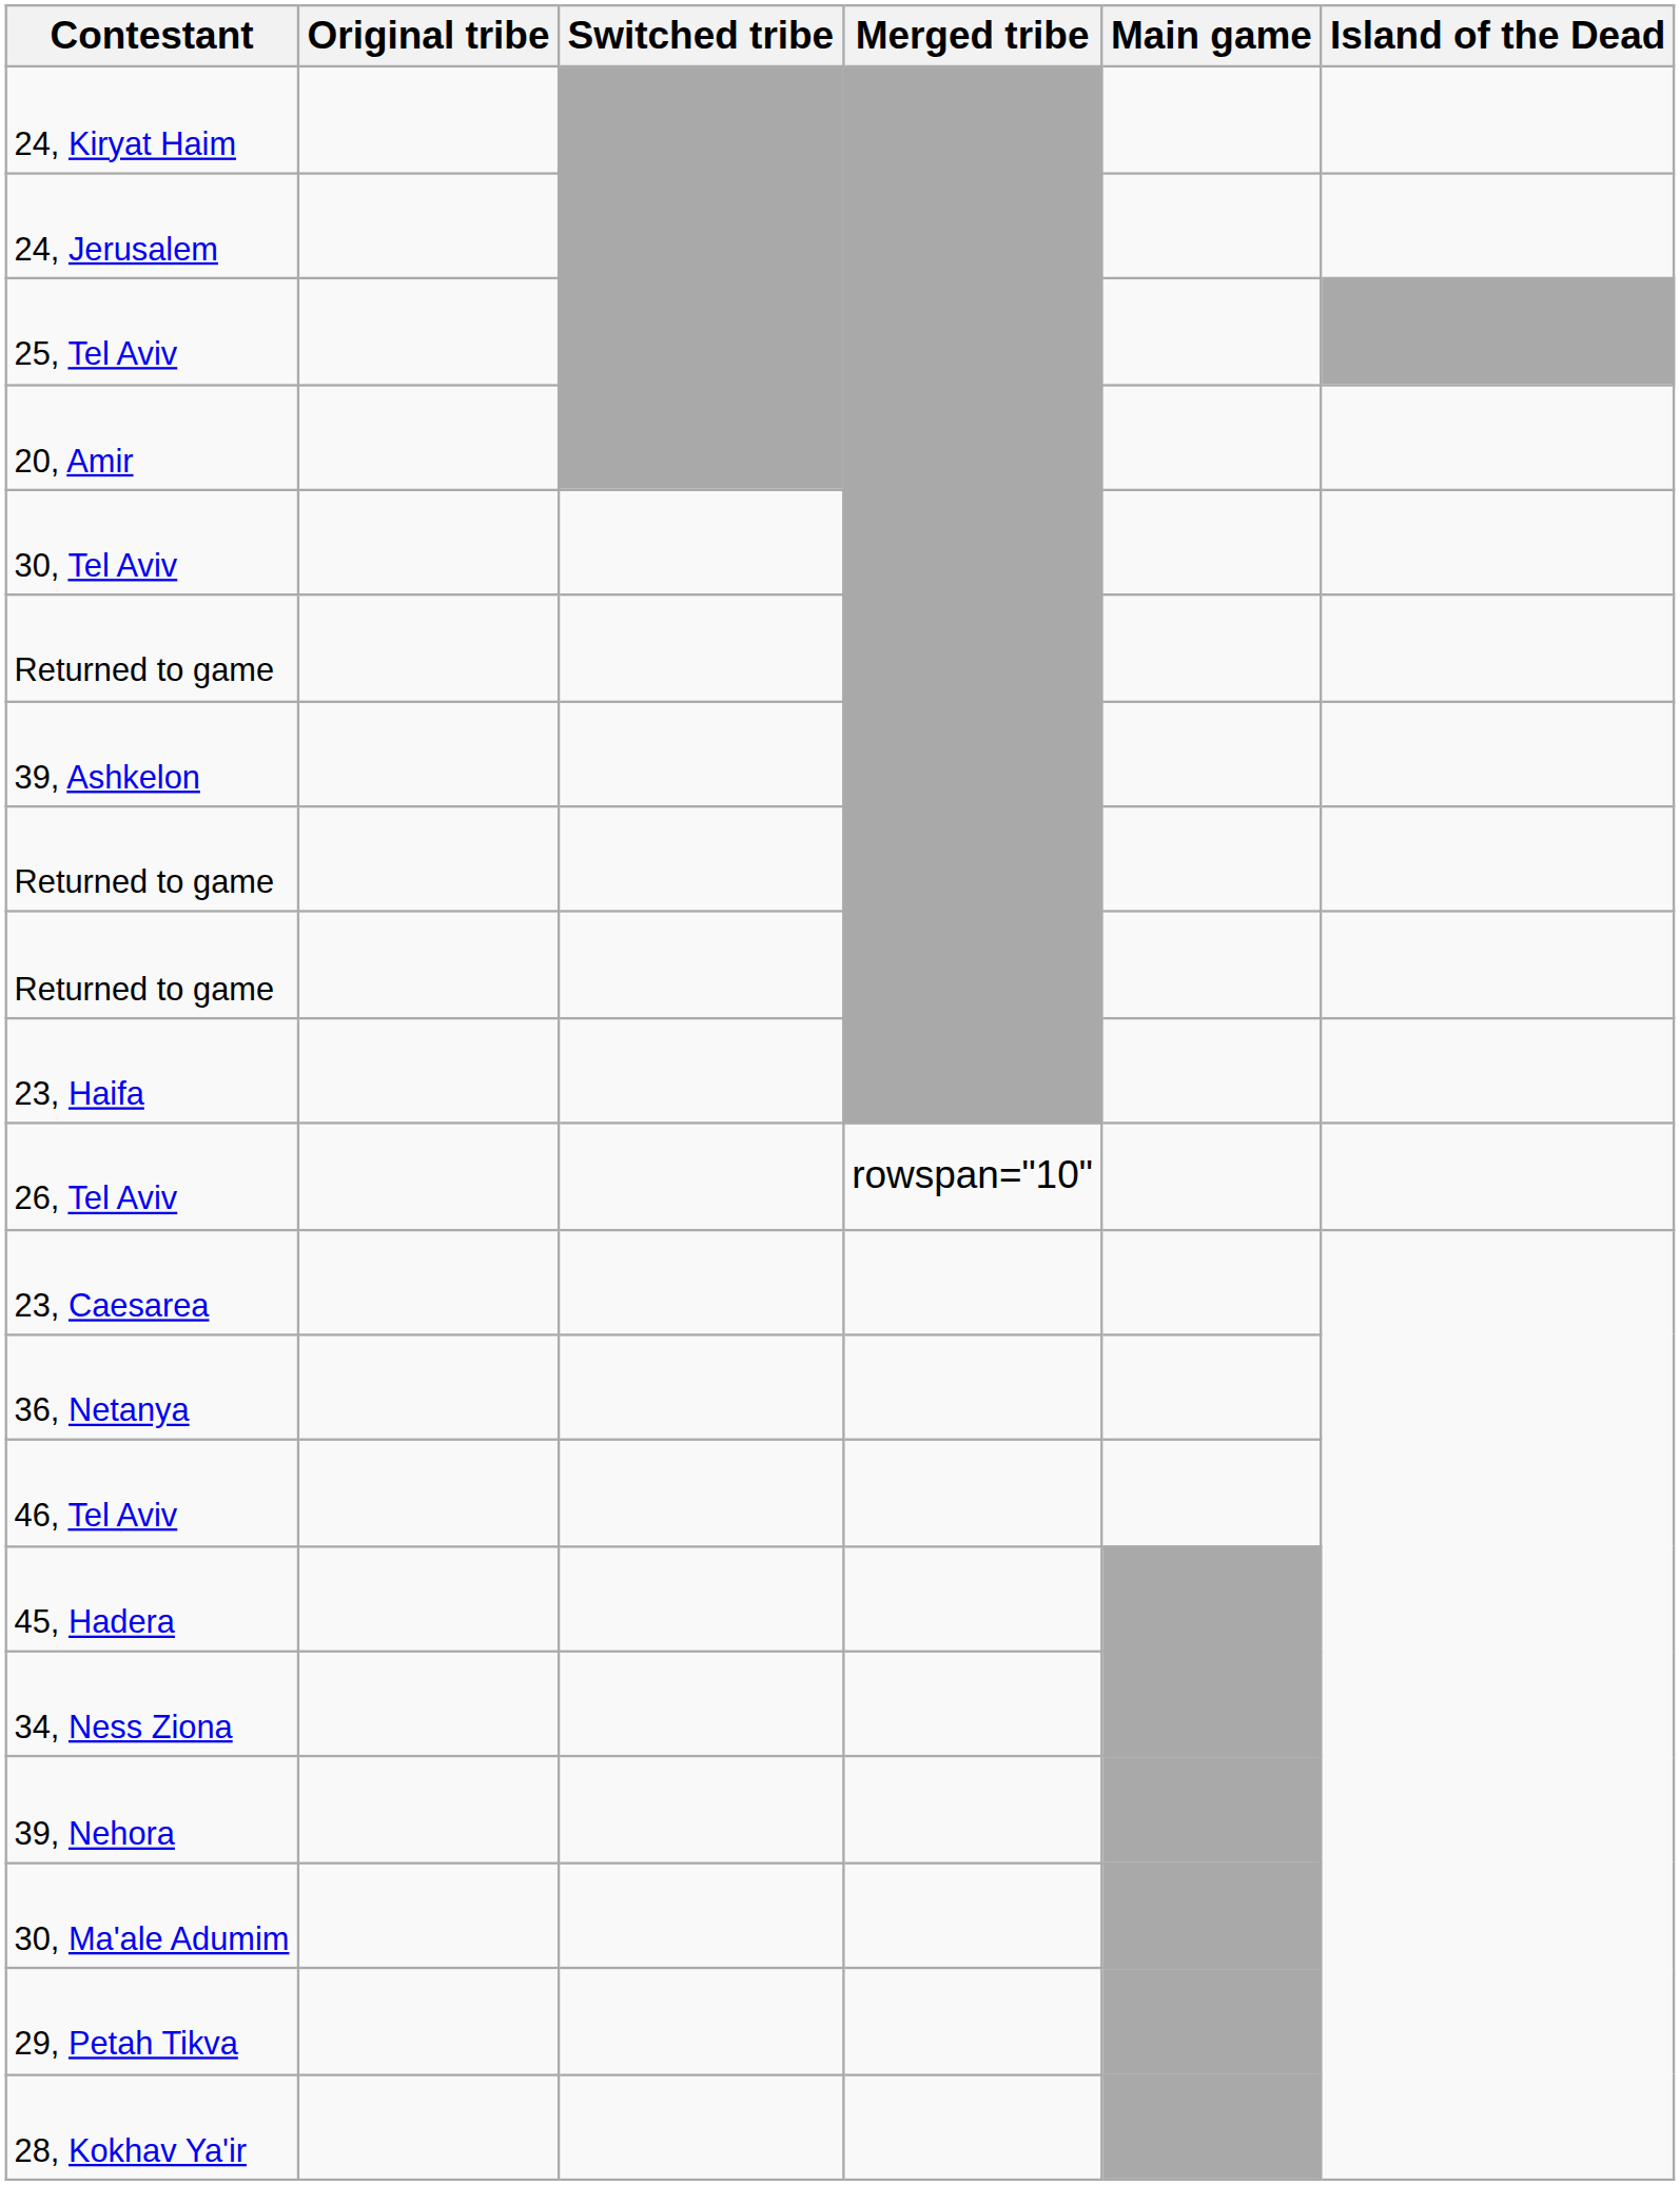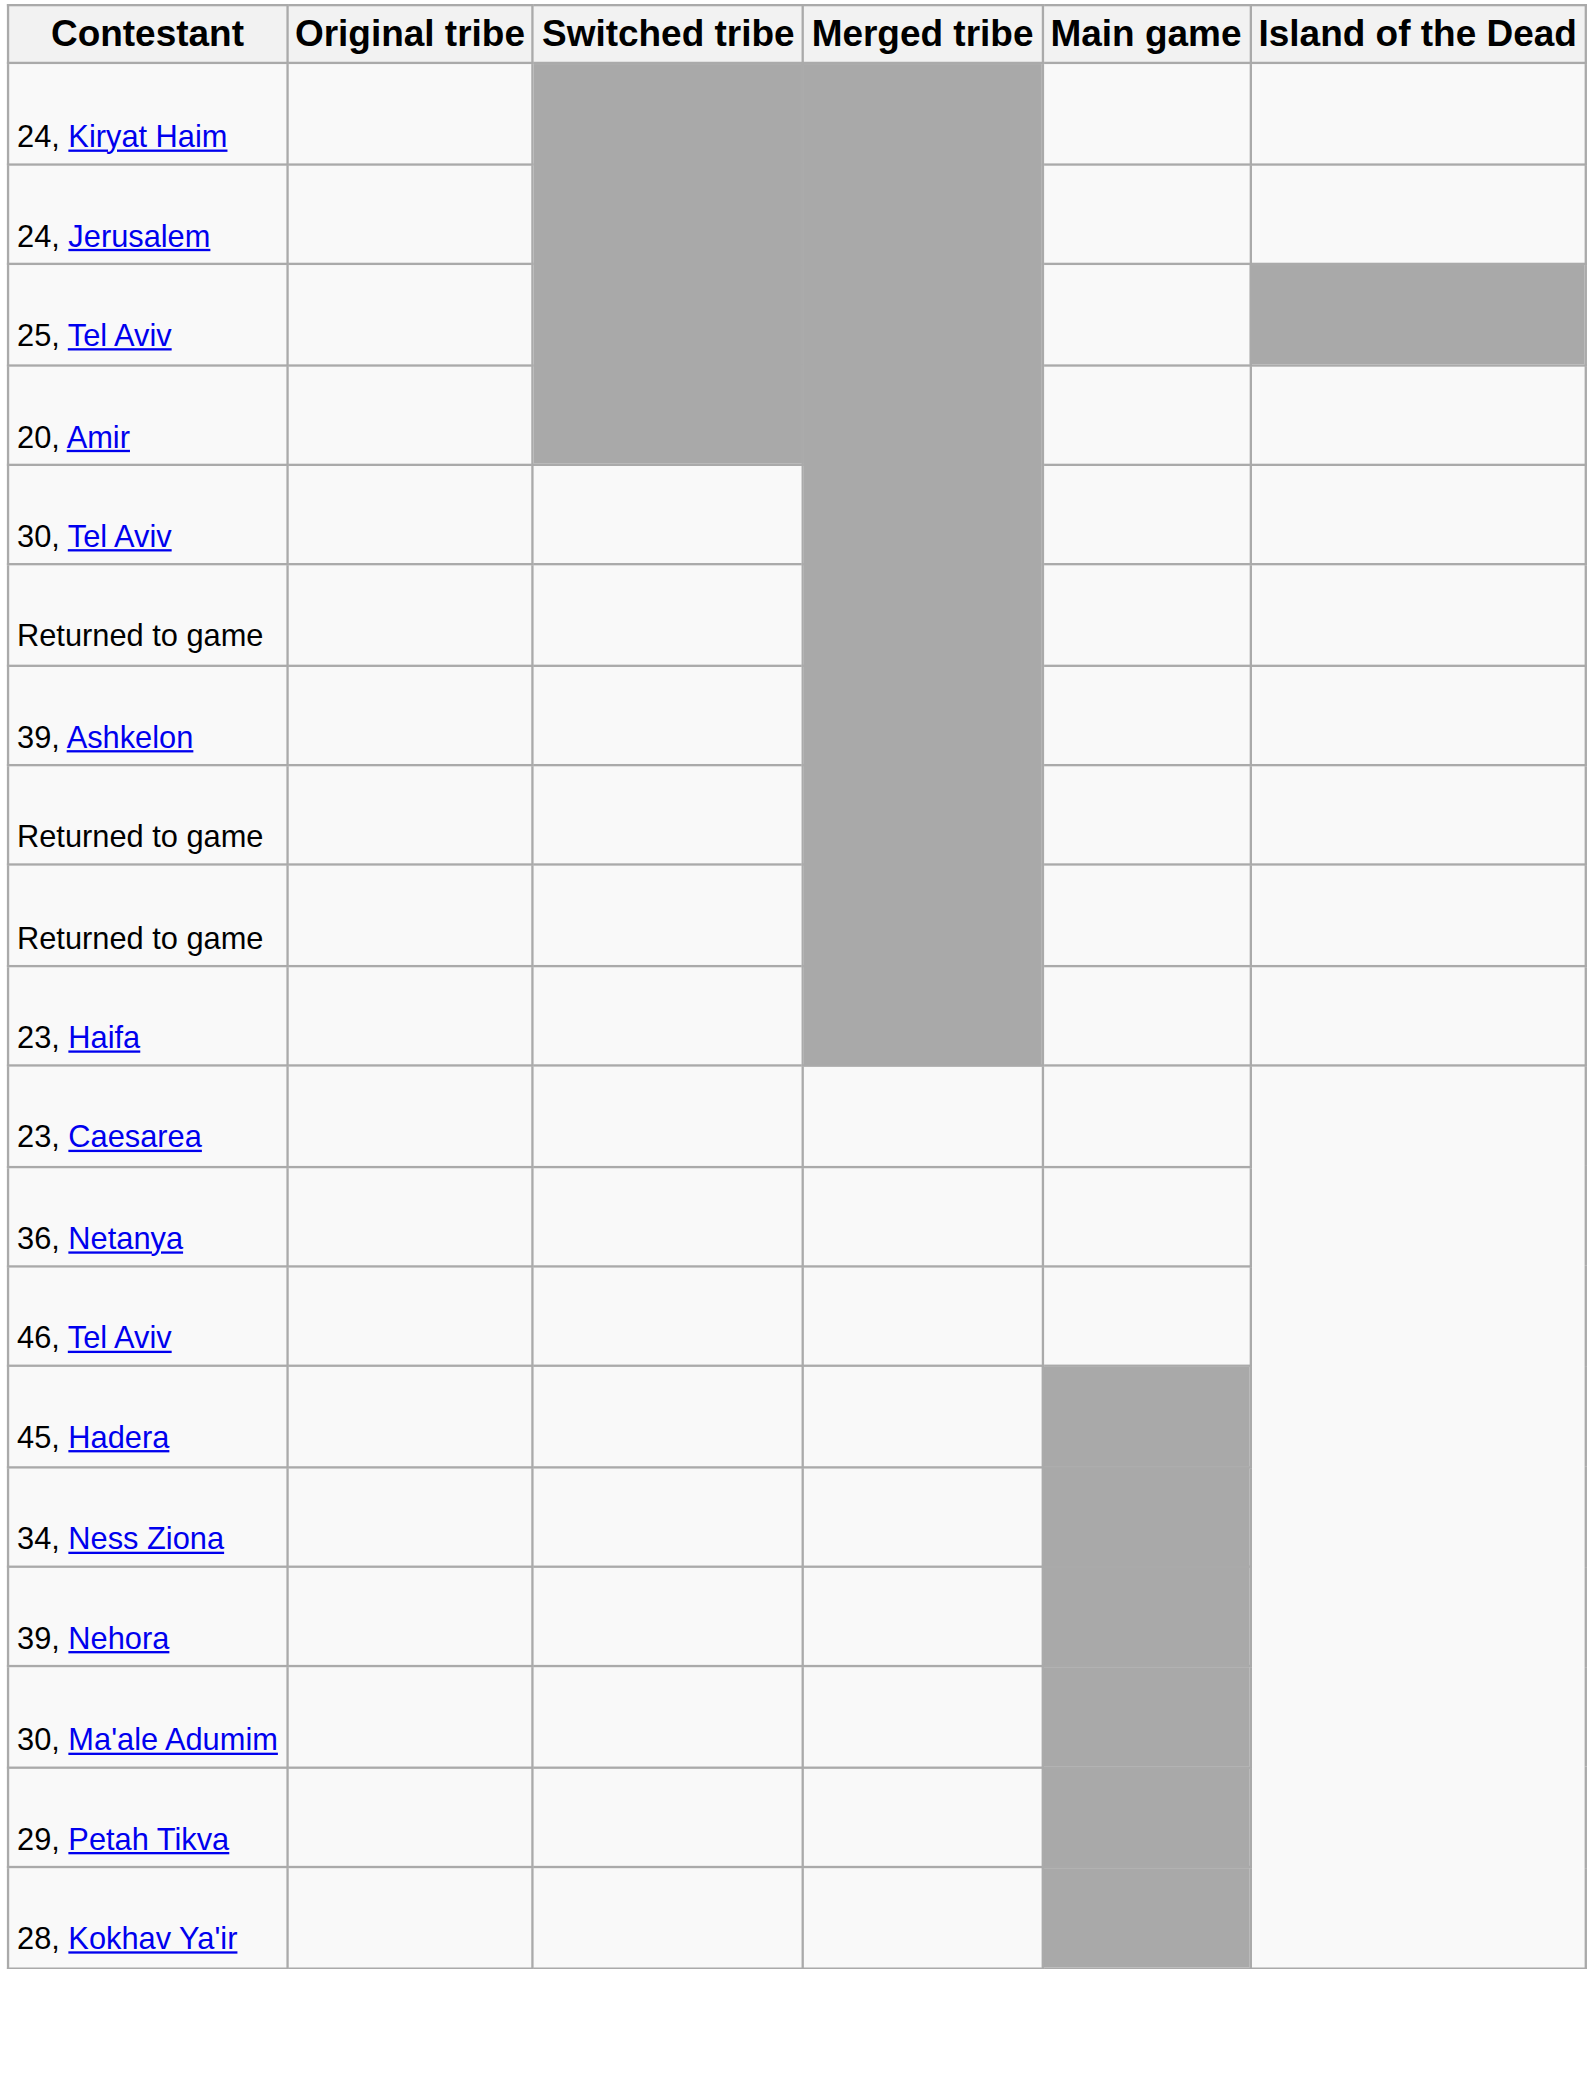 <table class="wikitable sortable nowrap" style="margin:auto; text-align:center">
 <tr>
 <th>Contestant</th>
 <th>Original tribe</th>
 <th>Switched tribe</th>
 <th>Merged tribe</th>
 <th>Main game</th>
 <th>Island of the Dead</th>
 </tr>
 <tr>
 <td align="left"><strong></strong><br><small>24, <a href='#'>Kiryat Haim</a></small></td>
 <td></td>
 <td rowspan="4" bgcolor="darkgray"></td>
 <td rowspan="10" bgcolor="darkgray"></td>
 <td></td>
 <td></td>
 </tr>
 <tr>
 <td align="left"><strong></strong><br><small>24, <a href='#'>Jerusalem</a></small></td>
 <td></td>
 <td></td>
 <td></td>
 </tr>
 <tr>
 <td align="left"><strong></strong><br><small>25, <a href='#'>Tel Aviv</a></small></td>
 <td></td>
 <td></td>
 <td bgcolor="darkgray"></td>
 </tr>
 <tr>
 <td align="left"><strong></strong><br><small>20, <a href='#'>Amir</a></small></td>
 <td></td>
 <td></td>
 <td></td>
 </tr>
 <tr>
 <td align="left"><strong></strong><br><small>30, <a href='#'>Tel Aviv</a></small></td>
 <td></td>
 <td></td>
 <td></td>
 <td></td>
 </tr>
 <tr>
 <td align="left"><em></em><br><small>Returned to game</small></td>
 <td></td>
 <td></td>
 <td></td>
 <td></td>
 </tr>
 <tr>
 <td align="left"><strong></strong><br><small>39, <a href='#'>Ashkelon</a></small></td>
 <td></td>
 <td></td>
 <td></td>
 <td></td>
 </tr>
 <tr>
 <td align="left"><em></em><br><small>Returned to game</small></td>
 <td></td>
 <td></td>
 <td></td>
 <td></td>
 </tr>
 <tr>
 <td align="left"><em></em><br><small>Returned to game</small></td>
 <td></td>
 <td></td>
 <td></td>
 <td></td>
 </tr>
 <tr>
 <td align="left"><strong></strong><br><small>23, <a href='#'>Haifa</a></small></td>
 <td></td>
 <td></td>
 <td></td>
 <td></td>
 </tr>
 <tr>
-<td align="left"><strong></strong><br><small>26, <a href='#'>Tel Aviv</a></small></td>
-<td></td>
-<td></td>
-<td>rowspan="10" </td>
-<td></td>
-<td></td>
-</tr>
-<tr>
 <td align="left"><strong></strong><br><small>23, <a href='#'>Caesarea</a></small></td>
 <td></td>
 <td></td>
 <td></td>
 <td></td>
 </tr>
 <tr>
 <td align="left"><strong></strong><br><small>36, <a href='#'>Netanya</a></small></td>
 <td></td>
 <td></td>
 <td></td>
 <td></td>
 </tr>
 <tr>
 <td align="left"><strong></strong><br><small>46, <a href='#'>Tel Aviv</a></small></td>
 <td></td>
 <td></td>
 <td></td>
 <td></td>
 </tr>
 <tr>
 <td align="left"><strong></strong><br><small>45, <a href='#'>Hadera</a></small></td>
 <td></td>
 <td></td>
 <td></td>
 <td bgcolor="darkgrey"></td>
 </tr>
 <tr>
 <td align="left"><strong></strong><br><small>34, <a href='#'>Ness Ziona</a></small></td>
 <td></td>
 <td></td>
 <td></td>
 <td bgcolor="darkgrey"></td>
 </tr>
 <tr>
 <td align="left"><strong></strong><br><small>39, <a href='#'>Nehora</a></small></td>
 <td></td>
 <td></td>
 <td></td>
 <td bgcolor="darkgrey"></td>
 </tr>
 <tr>
 <td align="left"><strong></strong><br><small>30, <a href='#'>Ma'ale Adumim</a></small></td>
 <td></td>
 <td></td>
 <td></td>
 <td bgcolor="darkgrey"></td>
 </tr>
 <tr>
 <td align="left"><strong></strong><br><small>29, <a href='#'>Petah Tikva</a></small></td>
 <td></td>
 <td></td>
 <td></td>
 <td bgcolor="darkgrey"></td>
 </tr>
 <tr>
 <td align="left"><strong></strong><br><small>28, <a href='#'>Kokhav Ya'ir</a></small></td>
 <td></td>
 <td></td>
 <td></td>
 <td bgcolor="darkgrey"></td>
 </tr>
 </table>
